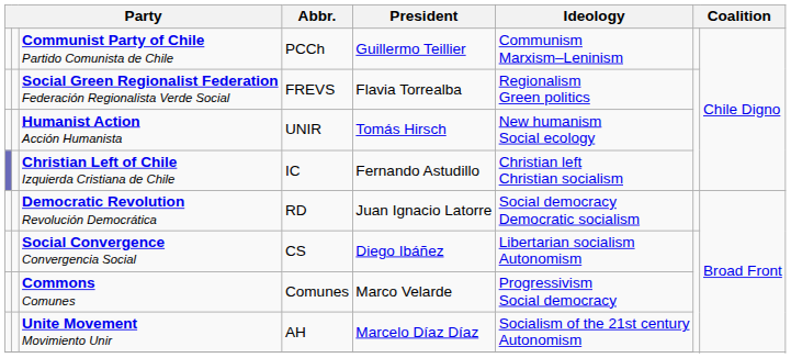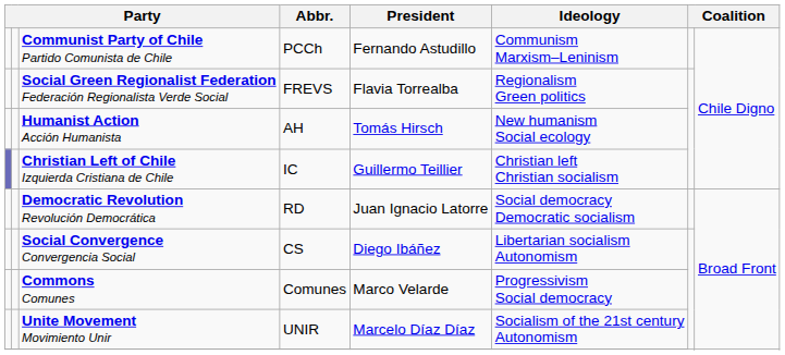 <table class="wikitable" style="font-size:100%">
 <tr>
 <th colspan=3>Party</th>
 <th>Abbr.</th>
 <th>President</th>
 <th>Ideology</th>
 <th colspan=3>Coalition</th>
 </tr>
 <tr>
 <td style="background-color: "></td>
 <td></td>
 <td><strong><a href='#'>Communist Party of Chile</a></strong><br><small><em>Partido Comunista de Chile</em></small></td>
 <td>PCCh</td>
-<td><a href='#'>Guillermo Teillier</a></td>
+<td>Fernando Astudillo</td>
 <td><a href='#'>Communism</a><br><a href='#'>Marxism–Leninism</a></td>
 <td style="background-color: "></td>
 <td rowspan=4 colspan=2><a href='#'>Chile Digno</a></td>
 </tr>
 <tr>
 <td style="background-color: "></td>
 <td></td>
 <td><strong><a href='#'>Social Green Regionalist Federation</a></strong><br><small><em>Federación Regionalista Verde Social</em></small></td>
 <td>FREVS</td>
 <td>Flavia Torrealba</td>
 <td><a href='#'>Regionalism</a><br><a href='#'>Green politics</a></td>
 </tr>
 <tr>
 <td style="background-color: "></td>
 <td></td>
 <td><strong><a href='#'>Humanist Action</a></strong><br><small><em>Acción Humanista</em></small></td>
-<td>UNIR</td>
+<td>AH</td>
 <td><a href='#'>Tomás Hirsch</a></td>
 <td><a href='#'>New humanism</a><br><a href='#'>Social ecology</a></td>
 </tr>
 <tr>
 <td style="background-color: #696AB9"></td>
 <td></td>
 <td><strong><a href='#'>Christian Left of Chile</a></strong><br><small><em>Izquierda Cristiana de Chile</em></small></td>
 <td>IC</td>
-<td>Fernando Astudillo</td>
+<td><a href='#'>Guillermo Teillier</a></td>
 <td><a href='#'>Christian left</a><br><a href='#'>Christian socialism</a></td>
 </tr>
 <tr>
 <td style="background-color: "></td>
 <td></td>
 <td><strong><a href='#'>Democratic Revolution</a></strong><br><small><em>Revolución Democrática</em></small></td>
 <td>RD</td>
 <td>Juan Ignacio Latorre</td>
 <td><a href='#'>Social democracy</a><br><a href='#'>Democratic socialism</a></td>
 <td style="background-color: "></td>
 <td rowspan=5 colspa=2><a href='#'>Broad Front</a></td>
 </tr>
 <tr>
 <td style="background-color: "></td>
 <td></td>
 <td><strong><a href='#'>Social Convergence</a></strong><br><small><em>Convergencia Social</em></small></td>
 <td>CS</td>
 <td><a href='#'>Diego Ibáñez</a></td>
 <td><a href='#'>Libertarian socialism</a><br><a href='#'>Autonomism</a></td>
 </tr>
 <tr>
 <td style="background-color: "></td>
 <td></td>
 <td><strong><a href='#'>Commons</a></strong><br><small><em>Comunes</em></small></td>
 <td>Comunes</td>
 <td>Marco Velarde</td>
 <td><a href='#'>Progressivism</a><br><a href='#'>Social democracy</a></td>
 </tr>
 <tr>
 <td style="background-color: "></td>
 <td></td>
 <td><strong><a href='#'>Unite Movement</a></strong><br><small><em>Movimiento Unir</em></small></td>
-<td>AH</td>
+<td>UNIR</td>
 <td><a href='#'>Marcelo Díaz Díaz</a></td>
 <td><a href='#'>Socialism of the 21st century</a><br><a href='#'>Autonomism</a></td>
 </tr>
 <tr>
 </tr>
 </table>
